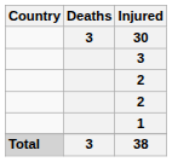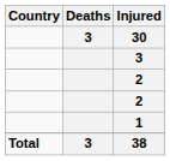 <table class="wikitable centre sortable">
 <tr>
 <th>Country</th>
 <th>Deaths</th>
 <th>Injured</th>
 </tr>
 <tr>
 <td></td>
 <th>3</th>
 <th>30</th>
 </tr>
 <tr>
 <td></td>
 <th></th>
 <th>3</th>
 </tr>
 <tr>
 <td></td>
 <th></th>
 <th>2</th>
 </tr>
 <tr>
 <td></td>
 <th></th>
 <th>2</th>
 </tr>
 <tr>
 <td></td>
 <th></th>
 <th>1</th>
 </tr>
 <tr>
 </tr>
 <tr class="sortbottom">
-<td style="background: lightgrey;"><strong>Total</strong></td>
+<td><strong>Total</strong></td>
 <th>3</th>
 <th>38</th>
 </tr>
 </table>
